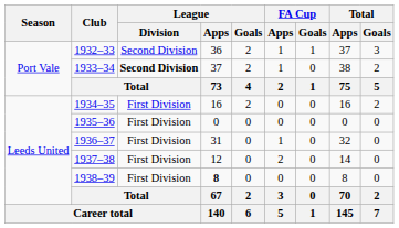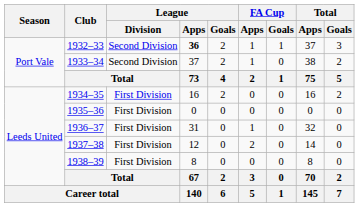 <table class="wikitable" style="text-align:center">
 <tr>
 <th rowspan="2">Season</th>
 <th rowspan="2">Club</th>
 <th colspan="3">League</th>
 <th colspan="2"><a href='#'>FA Cup</a></th>
 <th colspan="2">Total</th>
 </tr>
 <tr>
 <th>Division</th>
 <th>Apps</th>
 <th>Goals</th>
 <th>Apps</th>
 <th>Goals</th>
 <th>Apps</th>
 <th>Goals</th>
 </tr>
 <tr>
 <td rowspan="3"><a href='#'>Port Vale</a></td>
 <td><a href='#'>1932–33</a></td>
 <td><a href='#'>Second Division</a></td>
-<td>36</td>
+<td><strong>36</strong></td>
 <td>2</td>
 <td>1</td>
 <td>1</td>
 <td>37</td>
 <td>3</td>
 </tr>
 <tr>
 <td><a href='#'>1933–34</a></td>
-<td><strong>Second Division</strong></td>
+<td>Second Division</td>
 <td>37</td>
 <td>2</td>
 <td>1</td>
 <td>0</td>
 <td>38</td>
 <td>2</td>
 </tr>
 <tr>
 <th colspan="2">Total</th>
 <th>73</th>
 <th>4</th>
 <th>2</th>
 <th>1</th>
 <th>75</th>
 <th>5</th>
 </tr>
 <tr>
 <td rowspan="6"><a href='#'>Leeds United</a></td>
 <td><a href='#'>1934–35</a></td>
 <td><a href='#'>First Division</a></td>
 <td>16</td>
 <td>2</td>
 <td>0</td>
 <td>0</td>
 <td>16</td>
 <td>2</td>
 </tr>
 <tr>
 <td><a href='#'>1935–36</a></td>
 <td>First Division</td>
 <td>0</td>
 <td>0</td>
 <td>0</td>
 <td>0</td>
 <td>0</td>
 <td>0</td>
 </tr>
 <tr>
 <td><a href='#'>1936–37</a></td>
 <td>First Division</td>
 <td>31</td>
 <td>0</td>
 <td>1</td>
 <td>0</td>
 <td>32</td>
 <td>0</td>
 </tr>
 <tr>
 <td><a href='#'>1937–38</a></td>
 <td>First Division</td>
 <td>12</td>
 <td>0</td>
 <td>2</td>
 <td>0</td>
 <td>14</td>
 <td>0</td>
 </tr>
 <tr>
 <td><a href='#'>1938–39</a></td>
 <td>First Division</td>
-<td><strong>8</strong></td>
+<td>8</td>
 <td>0</td>
 <td>0</td>
 <td>0</td>
 <td>8</td>
 <td>0</td>
 </tr>
 <tr>
 <th colspan="2">Total</th>
 <th>67</th>
 <th>2</th>
 <th>3</th>
 <th>0</th>
 <th>70</th>
 <th>2</th>
 </tr>
 <tr>
 <th colspan="3">Career total</th>
 <th>140</th>
 <th>6</th>
 <th>5</th>
 <th>1</th>
 <th>145</th>
 <th>7</th>
 </tr>
 </table>
